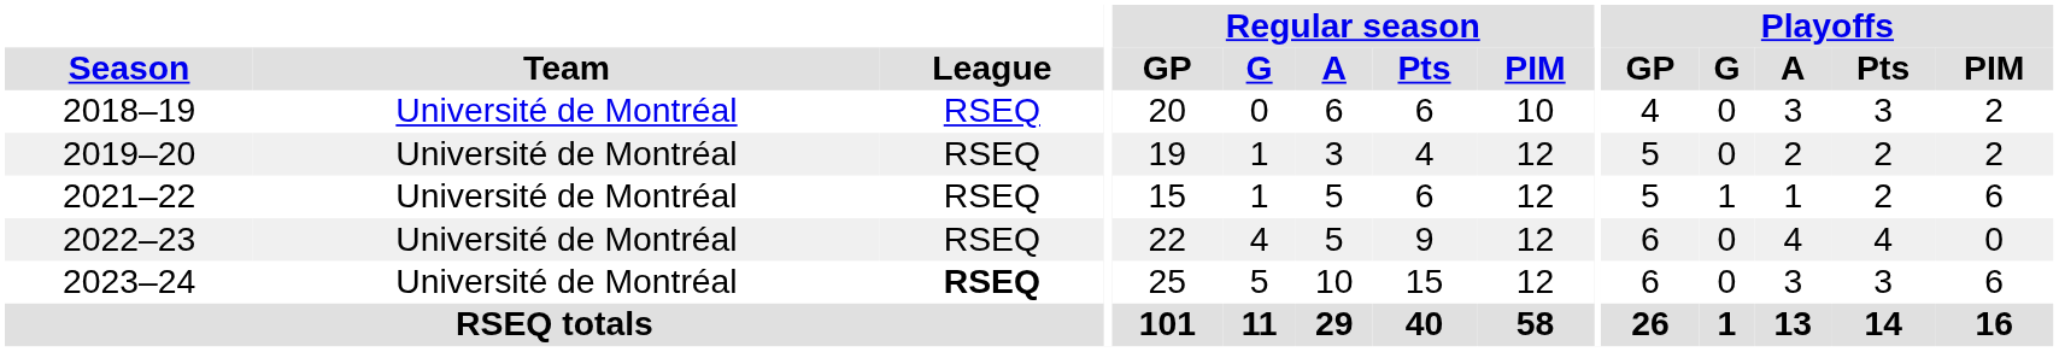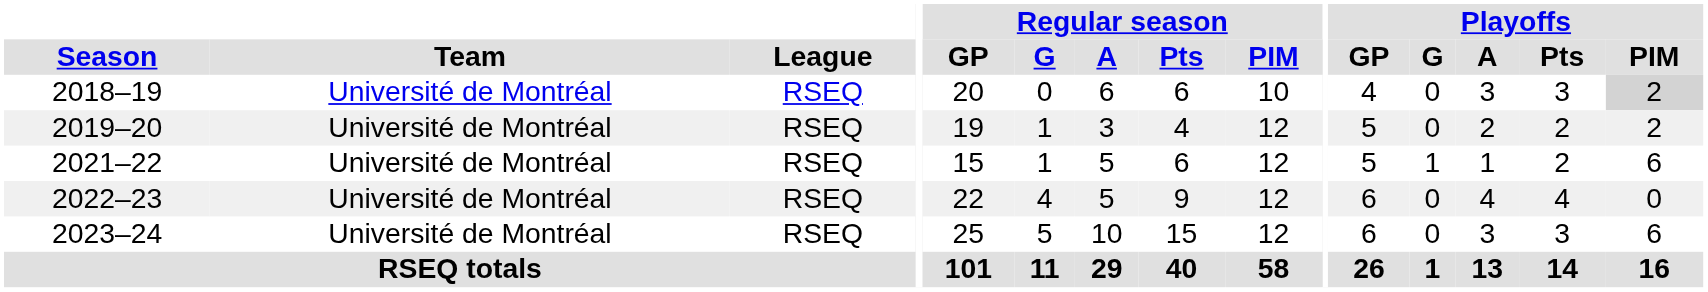 <table border="0" cellpadding="1" cellspacing="0" style="text-align:center; width:60em">
 <tr bgcolor="#e0e0e0">
 <th colspan="3" bgcolor="#ffffff"></th>
 <th rowspan="97" bgcolor="#ffffff"></th>
 <th colspan="5"><a href='#'>Regular season</a></th>
 <th rowspan="97" bgcolor="#ffffff"></th>
 <th colspan="5"><a href='#'>Playoffs</a></th>
 </tr>
 <tr bgcolor="#e0e0e0">
 <th><a href='#'>Season</a></th>
 <th>Team</th>
 <th>League</th>
 <th>GP</th>
 <th><a href='#'>G</a></th>
 <th><a href='#'>A</a></th>
 <th><a href='#'>Pts</a></th>
 <th><a href='#'>PIM</a></th>
 <th>GP</th>
 <th>G</th>
 <th>A</th>
 <th>Pts</th>
 <th>PIM</th>
 </tr>
 <tr>
 <td>2018–19</td>
 <td><a href='#'>Université de Montréal</a></td>
 <td><a href='#'>RSEQ</a></td>
 <td>20</td>
 <td>0</td>
 <td>6</td>
 <td>6</td>
 <td>10</td>
 <td>4</td>
 <td>0</td>
 <td>3</td>
 <td>3</td>
-<td>2</td>
+<td style="background: lightgrey;">2</td>
 </tr>
 <tr bgcolor="#f0f0f0">
 <td>2019–20</td>
 <td>Université de Montréal</td>
 <td>RSEQ</td>
 <td>19</td>
 <td>1</td>
 <td>3</td>
 <td>4</td>
 <td>12</td>
 <td>5</td>
 <td>0</td>
 <td>2</td>
 <td>2</td>
 <td>2</td>
 </tr>
 <tr>
 <td>2021–22</td>
 <td>Université de Montréal</td>
 <td>RSEQ</td>
 <td>15</td>
 <td>1</td>
 <td>5</td>
 <td>6</td>
 <td>12</td>
 <td>5</td>
 <td>1</td>
 <td>1</td>
 <td>2</td>
 <td>6</td>
 </tr>
 <tr bgcolor="#f0f0f0">
 <td>2022–23</td>
 <td>Université de Montréal</td>
 <td>RSEQ</td>
 <td>22</td>
 <td>4</td>
 <td>5</td>
 <td>9</td>
 <td>12</td>
 <td>6</td>
 <td>0</td>
 <td>4</td>
 <td>4</td>
 <td>0</td>
 </tr>
 <tr>
 <td>2023–24</td>
 <td>Université de Montréal</td>
-<td><strong>RSEQ</strong></td>
+<td>RSEQ</td>
 <td>25</td>
 <td>5</td>
 <td>10</td>
 <td>15</td>
 <td>12</td>
 <td>6</td>
 <td>0</td>
 <td>3</td>
 <td>3</td>
 <td>6</td>
 </tr>
 <tr bgcolor="#e0e0e0">
 <th colspan="3">RSEQ totals</th>
 <th>101</th>
 <th>11</th>
 <th>29</th>
 <th>40</th>
 <th>58</th>
 <th>26</th>
 <th>1</th>
 <th>13</th>
 <th>14</th>
 <th>16</th>
 </tr>
 </table>
